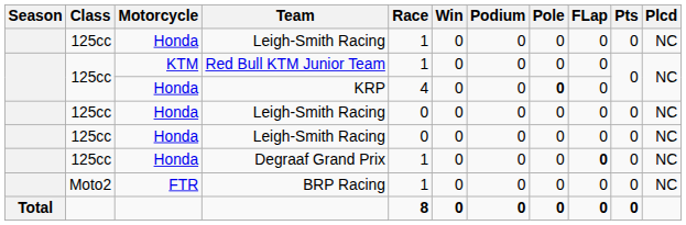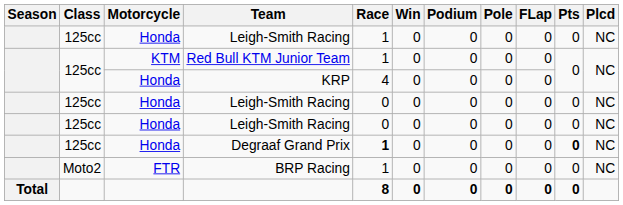 <table class="wikitable" style=text-align:right>
 <tr>
 <th>Season</th>
 <th>Class</th>
 <th>Motorcycle</th>
 <th>Team</th>
 <th>Race</th>
 <th>Win</th>
 <th>Podium</th>
 <th>Pole</th>
 <th>FLap</th>
 <th>Pts</th>
 <th>Plcd</th>
 </tr>
 <tr>
 <th></th>
 <td>125cc</td>
 <td><a href='#'>Honda</a></td>
 <td>Leigh-Smith Racing</td>
 <td>1</td>
 <td>0</td>
 <td>0</td>
 <td>0</td>
 <td>0</td>
 <td>0</td>
 <td>NC</td>
 </tr>
 <tr>
 <th rowspan=2></th>
 <td rowspan=2>125cc</td>
 <td><a href='#'>KTM</a></td>
 <td><a href='#'>Red Bull KTM Junior Team</a></td>
 <td>1</td>
 <td>0</td>
 <td>0</td>
 <td>0</td>
 <td>0</td>
 <td rowspan=2>0</td>
 <td rowspan=2>NC</td>
 </tr>
 <tr>
 <td><a href='#'>Honda</a></td>
 <td>KRP</td>
 <td>4</td>
 <td>0</td>
 <td>0</td>
-<td><strong>0</strong></td>
+<td>0</td>
 <td>0</td>
 </tr>
 <tr>
 <th></th>
 <td>125cc</td>
 <td><a href='#'>Honda</a></td>
 <td>Leigh-Smith Racing</td>
 <td>0</td>
 <td>0</td>
 <td>0</td>
 <td>0</td>
 <td>0</td>
 <td>0</td>
 <td>NC</td>
 </tr>
 <tr>
 <th></th>
 <td>125cc</td>
 <td><a href='#'>Honda</a></td>
 <td>Leigh-Smith Racing</td>
 <td>0</td>
 <td>0</td>
 <td>0</td>
 <td>0</td>
 <td>0</td>
 <td>0</td>
 <td>NC</td>
 </tr>
 <tr>
 <th></th>
 <td>125cc</td>
 <td><a href='#'>Honda</a></td>
 <td>Degraaf Grand Prix</td>
-<td>1</td>
+<td><strong>1</strong></td>
+<td>0</td>
 <td>0</td>
 <td>0</td>
 <td>0</td>
 <td><strong>0</strong></td>
-<td>0</td>
 <td>NC</td>
 </tr>
 <tr>
 <th></th>
 <td>Moto2</td>
 <td><a href='#'>FTR</a></td>
 <td>BRP Racing</td>
 <td>1</td>
 <td>0</td>
 <td>0</td>
 <td>0</td>
 <td>0</td>
 <td>0</td>
 <td>NC</td>
 </tr>
 <tr>
 <th>Total</th>
 <td></td>
 <td></td>
 <td></td>
 <td><strong>8</strong></td>
 <td><strong>0</strong></td>
 <td><strong>0</strong></td>
 <td><strong>0</strong></td>
 <td><strong>0</strong></td>
 <td><strong>0</strong></td>
 <td></td>
 </tr>
 </table>
